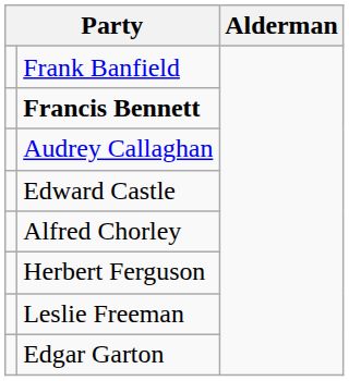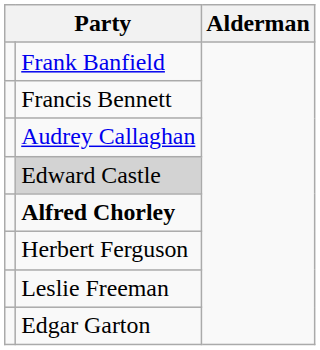 <table class="wikitable">
 <tr>
 <th colspan="2">Party</th>
 <th>Alderman</th>
 </tr>
 <tr>
 <td></td>
 <td><a href='#'>Frank Banfield</a></td>
 </tr>
 <tr>
 <td></td>
-<td><strong>Francis Bennett</strong></td>
+<td>Francis Bennett</td>
 </tr>
 <tr>
 <td></td>
 <td><a href='#'>Audrey Callaghan</a></td>
 </tr>
 <tr>
 <td></td>
-<td>Edward Castle</td>
+<td style="background: lightgrey;">Edward Castle</td>
 </tr>
 <tr>
 <td></td>
-<td>Alfred Chorley</td>
+<td><strong>Alfred Chorley</strong></td>
 </tr>
 <tr>
 <td></td>
 <td>Herbert Ferguson</td>
 </tr>
 <tr>
 <td></td>
 <td>Leslie Freeman</td>
 </tr>
 <tr>
 <td></td>
 <td>Edgar Garton</td>
 </tr>
 </table>
